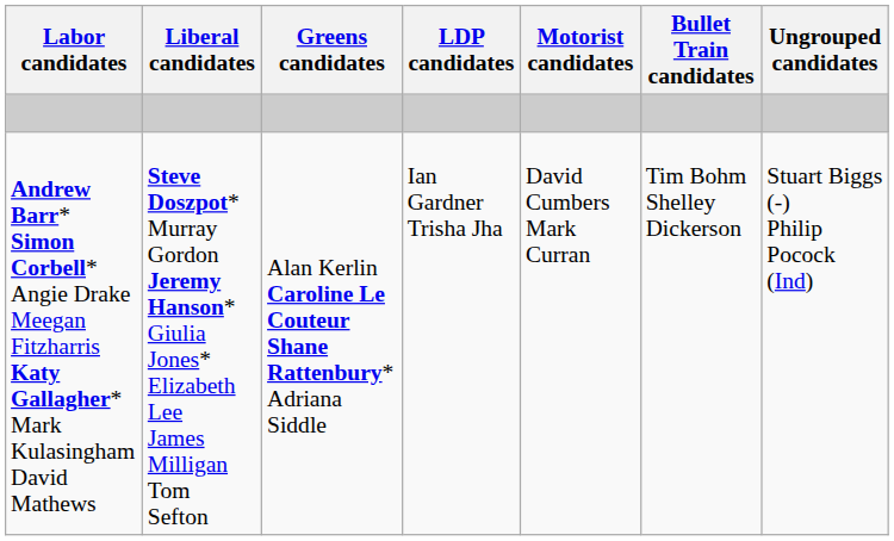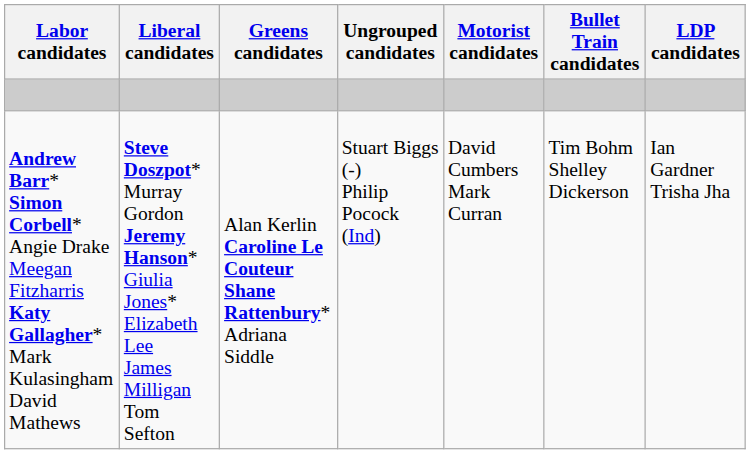 <table class="wikitable">
 <tr>
 <th><a href='#'>Labor</a> candidates</th>
 <th><a href='#'>Liberal</a> candidates</th>
 <th><a href='#'>Greens</a> candidates</th>
-<th><a href='#'>LDP</a> candidates</th>
+<th>Ungrouped candidates</th>
 <th><a href='#'>Motorist</a> candidates</th>
 <th><a href='#'>Bullet Train</a> candidates</th>
-<th>Ungrouped candidates</th>
+<th><a href='#'>LDP</a> candidates</th>
 </tr>
 <tr bgcolor="#cccccc">
 <td></td>
 <td></td>
 <td></td>
+<td> </td>
 <td></td>
 <td></td>
 <td></td>
-<td> </td>
 </tr>
 <tr>
 <td><br><strong><a href='#'>Andrew Barr</a></strong>*<br> <strong><a href='#'>Simon Corbell</a></strong>*<br> Angie Drake<br> <a href='#'>Meegan Fitzharris</a><br> <strong><a href='#'>Katy Gallagher</a></strong>*<br> Mark Kulasingham<br> David Mathews</td>
 <td><br><strong><a href='#'>Steve Doszpot</a></strong>*<br> Murray Gordon<br> <strong><a href='#'>Jeremy Hanson</a></strong>*<br> <a href='#'>Giulia Jones</a>*<br> <a href='#'>Elizabeth Lee</a><br> <a href='#'>James Milligan</a><br> Tom Sefton<br></td>
 <td><br>Alan Kerlin<br> <strong><a href='#'>Caroline Le Couteur</a></strong><br> <strong><a href='#'>Shane Rattenbury</a></strong>*<br> Adriana Siddle</td>
-<td valign=top><br>Ian Gardner<br> Trisha Jha</td>
+<td valign=top><br>Stuart Biggs (-)<br> Philip Pocock (<a href='#'>Ind</a>) <br></td>
 <td valign=top><br>David Cumbers<br> Mark Curran</td>
 <td valign=top><br>Tim Bohm<br> Shelley Dickerson</td>
-<td valign=top><br>Stuart Biggs (-)<br> Philip Pocock (<a href='#'>Ind</a>) <br></td>
+<td valign=top><br>Ian Gardner<br> Trisha Jha</td>
 </tr>
 </table>
